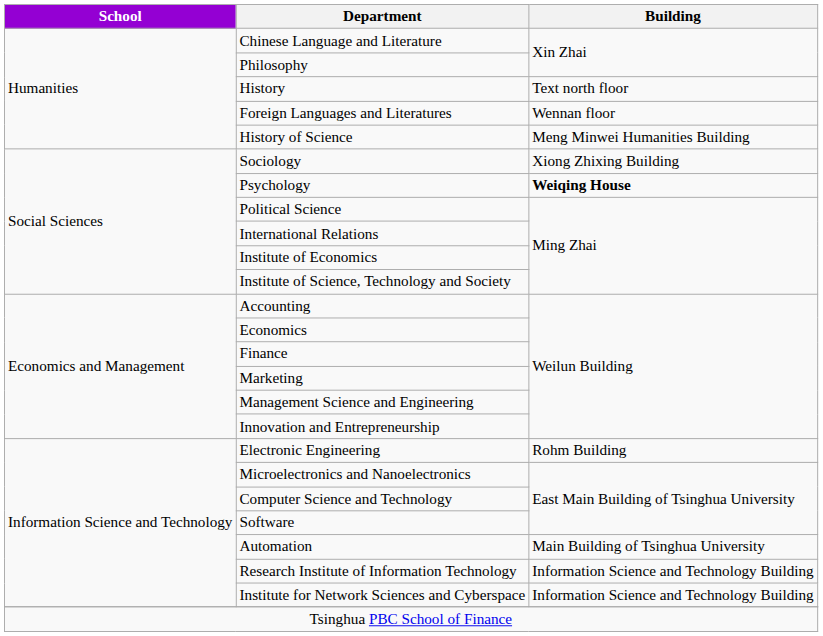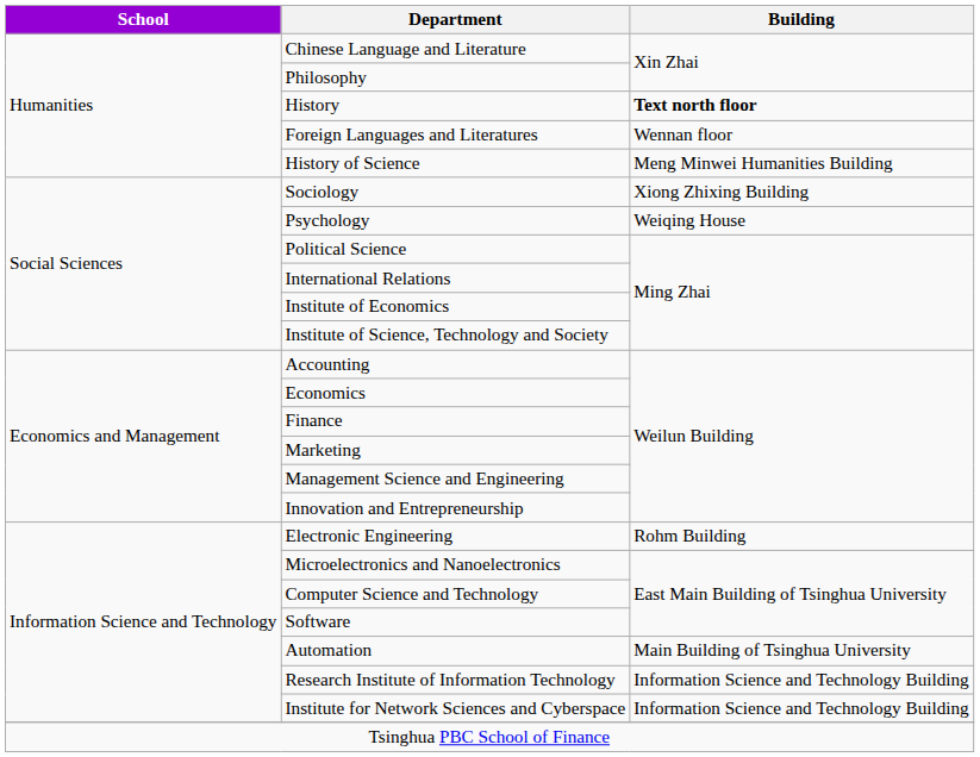 <table class="wikitable">
 <tr>
 <th style="background:#9400d3;color:white">School</th>
 <th>Department</th>
 <th>Building</th>
 </tr>
 <tr>
 <td rowspan="5">Humanities<br></td>
 <td>Chinese Language and Literature</td>
 <td rowspan="2">Xin Zhai</td>
 </tr>
 <tr>
 <td>Philosophy</td>
 </tr>
 <tr>
 <td>History</td>
-<td>Text north floor</td>
+<td><strong>Text north floor</strong></td>
 </tr>
 <tr>
 <td>Foreign Languages and Literatures</td>
 <td>Wennan floor</td>
 </tr>
 <tr>
 <td>History of Science</td>
 <td>Meng Minwei Humanities Building</td>
 </tr>
 <tr>
 <td rowspan="6">Social Sciences<br></td>
 <td>Sociology</td>
 <td>Xiong Zhixing Building</td>
 </tr>
 <tr>
 <td>Psychology</td>
-<td><strong>Weiqing House</strong></td>
+<td>Weiqing House</td>
 </tr>
 <tr>
 <td>Political Science</td>
 <td rowspan="4">Ming Zhai</td>
 </tr>
 <tr>
 <td>International Relations</td>
 </tr>
 <tr>
 <td>Institute of Economics</td>
 </tr>
 <tr>
 <td>Institute of Science, Technology and Society</td>
 </tr>
 <tr>
 <td rowspan="6">Economics and Management</td>
 <td>Accounting</td>
 <td rowspan="6">Weilun Building</td>
 </tr>
 <tr>
 <td>Economics</td>
 </tr>
 <tr>
 <td>Finance</td>
 </tr>
 <tr>
 <td>Marketing</td>
 </tr>
 <tr>
 <td>Management Science and Engineering</td>
 </tr>
 <tr>
 <td>Innovation and Entrepreneurship</td>
 </tr>
 <tr>
 <td rowspan="7">Information Science and Technology<br></td>
 <td>Electronic Engineering</td>
 <td>Rohm Building</td>
 </tr>
 <tr>
 <td>Microelectronics and Nanoelectronics</td>
 <td rowspan="3">East Main Building of Tsinghua University</td>
 </tr>
 <tr>
 <td>Computer Science and Technology</td>
 </tr>
 <tr>
 <td>Software</td>
 </tr>
 <tr>
 <td>Automation</td>
 <td>Main Building of Tsinghua University</td>
 </tr>
 <tr>
 <td>Research Institute of Information Technology</td>
 <td>Information Science and Technology Building</td>
 </tr>
 <tr>
 <td>Institute for Network Sciences and Cyberspace</td>
 <td>Information Science and Technology Building</td>
 </tr>
 <tr>
 </tr>
 <tr>
 <td colspan="3" style="text-align:center;">Tsinghua <a href='#'>PBC School of Finance</a></td>
 </tr>
 </table>
